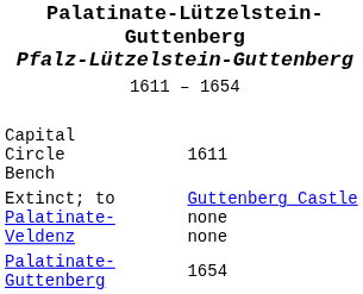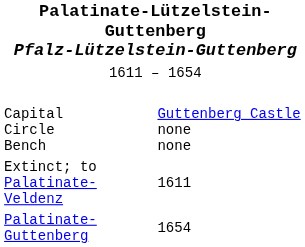 <table align="right" class="toccolours">
 <tr>
 <td colspan=2 align="center"><big><strong>Palatinate-Lützelstein-Guttenberg<br><em>Pfalz-Lützelstein-Guttenberg<strong><em></big></td>
 </tr>
 <tr>
 <td colspan=2 align="center"></strong>1611 – 1654<strong></td>
 </tr>
 <tr>
 <td><br></td>
 </tr>
 <tr>
 <td width=138px></strong>Capital<br>Circle<br>Bench<strong></td>
-<td>1611</td>
+<td width=138px><a href='#'>Guttenberg Castle</a><br>none<br>none</td>
 </tr>
 <tr>
 <td>Extinct; to <a href='#'>Palatinate-Veldenz</a></td>
-<td width=138px><a href='#'>Guttenberg Castle</a><br>none<br>none</td>
+<td>1611</td>
 </tr>
 <tr>
 <td><a href='#'>Palatinate-Guttenberg</a></td>
 <td>1654</td>
 </tr>
 <tr>
 </tr>
 </table>
